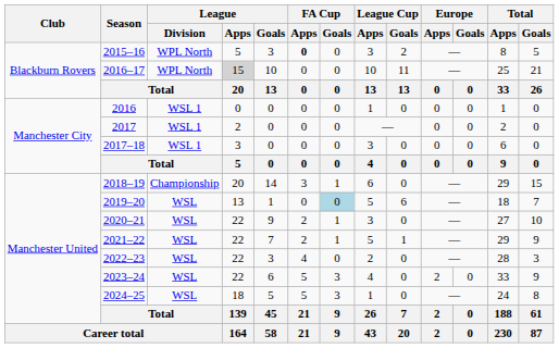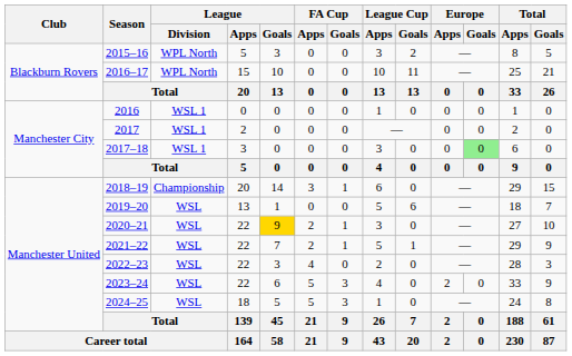 <table class="wikitable" style="text-align:center">
 <tr>
 <th rowspan="2">Club</th>
 <th rowspan="2">Season</th>
 <th colspan="3">League</th>
 <th colspan="2">FA Cup</th>
 <th colspan="2">League Cup</th>
 <th colspan="2">Europe</th>
 <th colspan="2">Total</th>
 </tr>
 <tr>
 <th>Division</th>
 <th>Apps</th>
 <th>Goals</th>
 <th>Apps</th>
 <th>Goals</th>
 <th>Apps</th>
 <th>Goals</th>
 <th>Apps</th>
 <th>Goals</th>
 <th>Apps</th>
 <th>Goals</th>
 </tr>
 <tr>
 <td rowspan="3"><a href='#'>Blackburn Rovers</a></td>
 <td><a href='#'>2015–16</a></td>
 <td><a href='#'>WPL North</a></td>
 <td>5</td>
 <td>3</td>
-<td><strong>0</strong></td>
+<td>0</td>
 <td>0</td>
 <td>3</td>
 <td>2</td>
 <td colspan="2">—</td>
 <td>8</td>
 <td>5</td>
 </tr>
 <tr>
 <td><a href='#'>2016–17</a></td>
 <td><a href='#'>WPL North</a></td>
-<td style="background: lightgrey;">15</td>
+<td>15</td>
 <td>10</td>
 <td>0</td>
 <td>0</td>
 <td>10</td>
 <td>11</td>
 <td colspan="2">—</td>
 <td>25</td>
 <td>21</td>
 </tr>
 <tr>
 <th colspan="2">Total</th>
 <th>20</th>
 <th>13</th>
 <th>0</th>
 <th>0</th>
 <th>13</th>
 <th>13</th>
 <th>0</th>
 <th>0</th>
 <th>33</th>
 <th>26</th>
 </tr>
 <tr>
 <td rowspan="4"><a href='#'>Manchester City</a></td>
 <td><a href='#'>2016</a></td>
 <td><a href='#'>WSL 1</a></td>
 <td>0</td>
 <td>0</td>
 <td>0</td>
 <td>0</td>
 <td>1</td>
 <td>0</td>
 <td>0</td>
 <td>0</td>
 <td>1</td>
 <td>0</td>
 </tr>
 <tr>
 <td><a href='#'>2017</a></td>
 <td><a href='#'>WSL 1</a></td>
 <td>2</td>
 <td>0</td>
 <td>0</td>
 <td>0</td>
 <td colspan="2">—</td>
 <td>0</td>
 <td>0</td>
 <td>2</td>
 <td>0</td>
 </tr>
 <tr>
 <td><a href='#'>2017–18</a></td>
 <td><a href='#'>WSL 1</a></td>
 <td>3</td>
 <td>0</td>
 <td>0</td>
 <td>0</td>
 <td>3</td>
 <td>0</td>
 <td>0</td>
-<td>0</td>
+<td style="background: lightgreen;">0</td>
 <td>6</td>
 <td>0</td>
 </tr>
 <tr>
 <th colspan="2">Total</th>
 <th>5</th>
 <th>0</th>
 <th>0</th>
 <th>0</th>
 <th>4</th>
 <th>0</th>
 <th>0</th>
 <th>0</th>
 <th>9</th>
 <th>0</th>
 </tr>
 <tr>
 <td rowspan="8"><a href='#'>Manchester United</a></td>
 <td><a href='#'>2018–19</a></td>
 <td><a href='#'>Championship</a></td>
 <td>20</td>
 <td>14</td>
 <td>3</td>
 <td>1</td>
 <td>6</td>
 <td>0</td>
 <td colspan="2">—</td>
 <td>29</td>
 <td>15</td>
 </tr>
 <tr>
 <td><a href='#'>2019–20</a></td>
 <td><a href='#'>WSL</a></td>
 <td>13</td>
 <td>1</td>
 <td>0</td>
-<td style="background: lightblue;">0</td>
+<td>0</td>
 <td>5</td>
 <td>6</td>
 <td colspan="2">—</td>
 <td>18</td>
 <td>7</td>
 </tr>
 <tr>
 <td><a href='#'>2020–21</a></td>
 <td><a href='#'>WSL</a></td>
 <td>22</td>
-<td>9</td>
+<td style="background: gold;">9</td>
 <td>2</td>
 <td>1</td>
 <td>3</td>
 <td>0</td>
 <td colspan="2">—</td>
 <td>27</td>
 <td>10</td>
 </tr>
 <tr>
 <td><a href='#'>2021–22</a></td>
 <td><a href='#'>WSL</a></td>
 <td>22</td>
 <td>7</td>
 <td>2</td>
 <td>1</td>
 <td>5</td>
 <td>1</td>
 <td colspan="2">—</td>
 <td>29</td>
 <td>9</td>
 </tr>
 <tr>
 <td><a href='#'>2022–23</a></td>
 <td><a href='#'>WSL</a></td>
 <td>22</td>
 <td>3</td>
 <td>4</td>
 <td>0</td>
 <td>2</td>
 <td>0</td>
 <td colspan="2">—</td>
 <td>28</td>
 <td>3</td>
 </tr>
 <tr>
 <td><a href='#'>2023–24</a></td>
 <td><a href='#'>WSL</a></td>
 <td>22</td>
 <td>6</td>
 <td>5</td>
 <td>3</td>
 <td>4</td>
 <td>0</td>
 <td>2</td>
 <td>0</td>
 <td>33</td>
 <td>9</td>
 </tr>
 <tr>
 <td><a href='#'>2024–25</a></td>
 <td><a href='#'>WSL</a></td>
 <td>18</td>
 <td>5</td>
 <td>5</td>
 <td>3</td>
 <td>1</td>
 <td>0</td>
 <td colspan="2">—</td>
 <td>24</td>
 <td>8</td>
 </tr>
 <tr>
 <th colspan="2">Total</th>
 <th>139</th>
 <th>45</th>
 <th>21</th>
 <th>9</th>
 <th>26</th>
 <th>7</th>
 <th>2</th>
 <th>0</th>
 <th>188</th>
 <th>61</th>
 </tr>
 <tr>
 <th colspan="3">Career total</th>
 <th>164</th>
 <th>58</th>
 <th>21</th>
 <th>9</th>
 <th>43</th>
 <th>20</th>
 <th>2</th>
 <th>0</th>
 <th>230</th>
 <th>87</th>
 </tr>
 </table>
